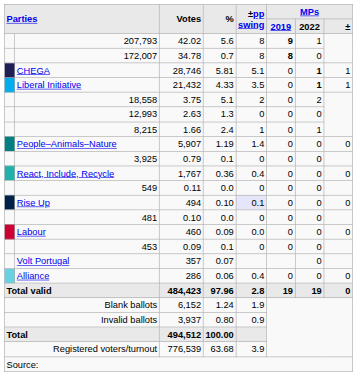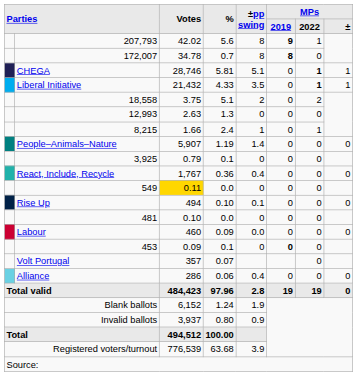 <table class="wikitable" style="text-align:right; font-size:95%;">
 <tr>
 <th rowspan="2" colspan="2" style="background:#e9e9e9; text-align:left;" alignleft><a href='#'>Parties</a></th>
 <th rowspan="2" style="background:#e9e9e9; text-align:right;">Votes</th>
 <th rowspan="2" style="background:#e9e9e9; text-align:right;">%</th>
 <th rowspan="2" style="background:#e9e9e9; text-align:right;">±<a href='#'>pp</a> <a href='#'>swing</a></th>
 <th colspan="3" style="background:#e9e9e9; text-align:center;"><a href='#'>MPs</a></th>
 </tr>
 <tr style="background-color:#E9E9E9">
 <th style="background-color:#E9E9E9;text-align:center;"><a href='#'>2019</a></th>
 <th style="background-color:#E9E9E9;text-align:center;">2022</th>
 <th style="background:#e9e9e9; text-align:right;">±</th>
 </tr>
 <tr>
 <td></td>
 <td>207,793</td>
 <td>42.02</td>
 <td>5.6</td>
 <td>8</td>
 <td><strong>9</strong></td>
 <td>1</td>
 </tr>
 <tr>
 <td></td>
 <td>172,007</td>
 <td>34.78</td>
 <td>0.7</td>
 <td>8</td>
 <td><strong>8</strong></td>
 <td>0</td>
 </tr>
 <tr>
 <td style="width: 10px" bgcolor="#202056" align="center"></td>
 <td align="left"><a href='#'>CHEGA</a></td>
 <td>28,746</td>
 <td>5.81</td>
 <td>5.1</td>
 <td>0</td>
 <td><strong>1</strong></td>
 <td>1</td>
 </tr>
 <tr>
 <td style="width: 10px" bgcolor="#00ADEF" align="center"></td>
 <td align="left"><a href='#'>Liberal Initiative</a></td>
 <td>21,432</td>
 <td>4.33</td>
 <td>3.5</td>
 <td>0</td>
 <td><strong>1</strong></td>
 <td>1</td>
 </tr>
 <tr>
 <td></td>
 <td>18,558</td>
 <td>3.75</td>
 <td>5.1</td>
 <td>2</td>
 <td>0</td>
 <td>2</td>
 </tr>
 <tr>
 <td></td>
 <td>12,993</td>
 <td>2.63</td>
 <td>1.3</td>
 <td>0</td>
 <td>0</td>
 <td>0</td>
 </tr>
 <tr>
 <td></td>
 <td>8,215</td>
 <td>1.66</td>
 <td>2.4</td>
 <td>1</td>
 <td>0</td>
 <td>1</td>
 </tr>
 <tr>
 <td style="width: 10px" bgcolor="teal" align="center"></td>
 <td align="left"><a href='#'>People–Animals–Nature</a></td>
 <td>5,907</td>
 <td>1.19</td>
 <td>1.4</td>
 <td>0</td>
 <td>0</td>
 <td>0</td>
 </tr>
 <tr>
 <td></td>
 <td>3,925</td>
 <td>0.79</td>
 <td>0.1</td>
 <td>0</td>
 <td>0</td>
 <td>0</td>
 </tr>
 <tr>
 <td style="width: 10px" bgcolor="LightSeaGreen" align="center"></td>
 <td align="left"><a href='#'>React, Include, Recycle</a></td>
 <td>1,767</td>
 <td>0.36</td>
 <td>0.4</td>
 <td>0</td>
 <td>0</td>
 <td>0</td>
 </tr>
 <tr>
 <td></td>
 <td>549</td>
-<td>0.11</td>
+<td style="background: gold;">0.11</td>
 <td>0.0</td>
 <td>0</td>
 <td>0</td>
 <td>0</td>
 </tr>
 <tr>
 <td style="width: 10px" bgcolor="#002147" align="center"></td>
 <td align="left"><a href='#'>Rise Up</a></td>
 <td>494</td>
 <td>0.10</td>
-<td style="background: lavender;">0.1</td>
+<td>0.1</td>
 <td>0</td>
 <td>0</td>
 <td>0</td>
 </tr>
 <tr>
 <td></td>
 <td>481</td>
 <td>0.10</td>
 <td>0.0</td>
 <td>0</td>
 <td>0</td>
 <td>0</td>
 </tr>
 <tr>
 <td style="width: 10px" bgcolor="#CC0033" align="center"></td>
 <td align="left"><a href='#'>Labour</a></td>
 <td>460</td>
 <td>0.09</td>
 <td>0.0</td>
 <td>0</td>
 <td>0</td>
 <td>0</td>
 </tr>
 <tr>
 <td></td>
 <td>453</td>
 <td>0.09</td>
 <td>0.1</td>
 <td>0</td>
-<td>0</td>
+<td><strong>0</strong></td>
 <td>0</td>
 </tr>
 <tr>
 <td style="width: 10px"></td>
 <td align="left"><a href='#'>Volt Portugal</a></td>
 <td>357</td>
 <td>0.07</td>
 <td></td>
 <td></td>
 <td>0</td>
 <td></td>
 </tr>
 <tr>
 <td style="width: 10px" bgcolor="#6AD1E3" align="center"></td>
 <td align="left"><a href='#'>Alliance</a></td>
 <td>286</td>
 <td>0.06</td>
 <td>0.4</td>
 <td>0</td>
 <td>0</td>
 <td>0</td>
 </tr>
 <tr>
 <td colspan=2 width="247" align=left style="background-color:#E9E9E9"><strong>Total valid</strong></td>
 <td width="65" align="right" style="background-color:#E9E9E9"><strong>484,423</strong></td>
 <td width="40" align="right" style="background-color:#E9E9E9"><strong>97.96</strong></td>
 <td width="40" align="right" style="background-color:#E9E9E9"><strong>2.8</strong></td>
 <td width="40" align="right" style="background-color:#E9E9E9"><strong>19</strong></td>
 <td width="40" align="right" style="background-color:#E9E9E9"><strong>19</strong></td>
 <td width="40" align="right" style="background-color:#E9E9E9"><strong>0</strong></td>
 </tr>
 <tr>
 <td colspan=2>Blank ballots</td>
 <td>6,152</td>
 <td>1.24</td>
 <td>1.9</td>
 <td colspan=4 rowspan=4></td>
 </tr>
 <tr>
 <td colspan=2>Invalid ballots</td>
 <td>3,937</td>
 <td>0.80</td>
 <td>0.9</td>
 </tr>
 <tr>
 <td colspan=2 align=left style="background-color:#E9E9E9"><strong>Total</strong></td>
 <td width="50" align="right" style="background-color:#E9E9E9"><strong>494,512</strong></td>
 <td width="40" align="right" style="background-color:#E9E9E9"><strong>100.00</strong></td>
 <td width="40" align="right" style="background-color:#E9E9E9"></td>
 </tr>
 <tr>
 <td colspan=2>Registered voters/turnout</td>
 <td>776,539</td>
 <td>63.68</td>
 <td>3.9</td>
 </tr>
 <tr>
 <td colspan=11 align=left>Source: </td>
 </tr>
 </table>
